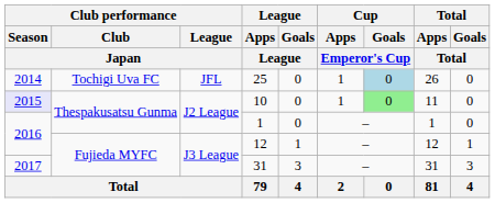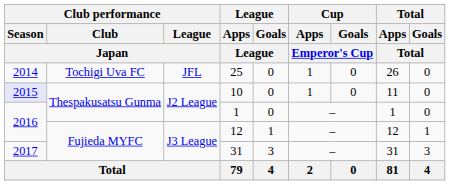 <table class="wikitable" style="text-align:center;">
 <tr>
 <th colspan=3>Club performance</th>
 <th colspan=2>League</th>
 <th colspan=2>Cup</th>
 <th colspan=2>Total</th>
 </tr>
 <tr>
 <th>Season</th>
 <th>Club</th>
 <th>League</th>
 <th>Apps</th>
 <th>Goals</th>
 <th>Apps</th>
 <th>Goals</th>
 <th>Apps</th>
 <th>Goals</th>
 </tr>
 <tr>
 <th colspan=3>Japan</th>
 <th colspan=2>League</th>
 <th colspan=2><a href='#'>Emperor's Cup</a></th>
 <th colspan=2>Total</th>
 </tr>
 <tr>
 <td><a href='#'>2014</a></td>
 <td><a href='#'>Tochigi Uva FC</a></td>
 <td><a href='#'>JFL</a></td>
 <td>25</td>
 <td>0</td>
 <td>1</td>
-<td style="background: lightblue;">0</td>
+<td>0</td>
 <td>26</td>
 <td>0</td>
 </tr>
 <tr>
 <td style="background: lavender;"><a href='#'>2015</a></td>
 <td rowspan="2"><a href='#'>Thespakusatsu Gunma</a></td>
 <td rowspan="2"><a href='#'>J2 League</a></td>
 <td>10</td>
 <td>0</td>
 <td>1</td>
-<td style="background: lightgreen;">0</td>
+<td>0</td>
 <td>11</td>
 <td>0</td>
 </tr>
 <tr>
 <td rowspan="2"><a href='#'>2016</a></td>
 <td>1</td>
 <td>0</td>
 <td colspan="2">–</td>
 <td>1</td>
 <td>0</td>
 </tr>
 <tr>
 <td rowspan="2"><a href='#'>Fujieda MYFC</a></td>
 <td rowspan="2"><a href='#'>J3 League</a></td>
 <td>12</td>
 <td>1</td>
 <td colspan="2">–</td>
 <td>12</td>
 <td>1</td>
 </tr>
 <tr>
 <td><a href='#'>2017</a></td>
 <td>31</td>
 <td>3</td>
 <td colspan="2">–</td>
 <td>31</td>
 <td>3</td>
 </tr>
 <tr>
 <th colspan=3>Total</th>
 <th>79</th>
 <th>4</th>
 <th>2</th>
 <th>0</th>
 <th>81</th>
 <th>4</th>
 </tr>
 </table>
